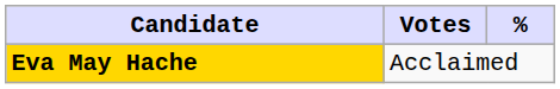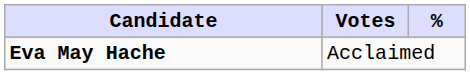 <table class="wikitable">
 <tr>
 <th style="background:#ddf; width:200px;">Candidate</th>
 <th style="background:#ddf; width:50px;">Votes</th>
 <th style="background:#ddf; width:30px;">%</th>
 </tr>
 <tr>
-<td style="background: gold;"><strong>Eva May Hache</strong></td>
+<td><strong>Eva May Hache</strong></td>
 <td colspan="2">Acclaimed</td>
 </tr>
 </table>
